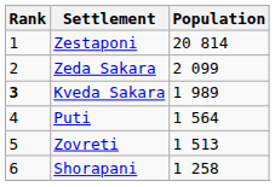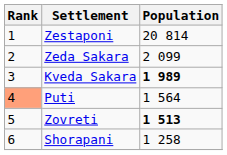 <table class="wikitable sortable">
 <tr>
 <th>Rank</th>
 <th>Settlement</th>
 <th>Population</th>
 </tr>
 <tr>
 <td>1</td>
 <td><a href='#'>Zestaponi</a></td>
 <td>20 814</td>
 </tr>
 <tr>
 <td>2</td>
 <td><a href='#'>Zeda Sakara</a></td>
 <td>2 099</td>
 </tr>
 <tr>
-<td><strong>3</strong></td>
+<td>3</td>
 <td><a href='#'>Kveda Sakara</a></td>
-<td>1 989</td>
+<td><strong>1 989</strong></td>
 </tr>
 <tr>
-<td>4</td>
+<td style="background: lightsalmon;">4</td>
 <td><a href='#'>Puti</a></td>
 <td>1 564</td>
 </tr>
 <tr>
 <td>5</td>
 <td><a href='#'>Zovreti</a></td>
-<td>1 513</td>
+<td><strong>1 513</strong></td>
 </tr>
 <tr>
 <td>6</td>
 <td><a href='#'>Shorapani</a></td>
 <td>1 258</td>
 </tr>
 <tr>
 </tr>
 </table>
